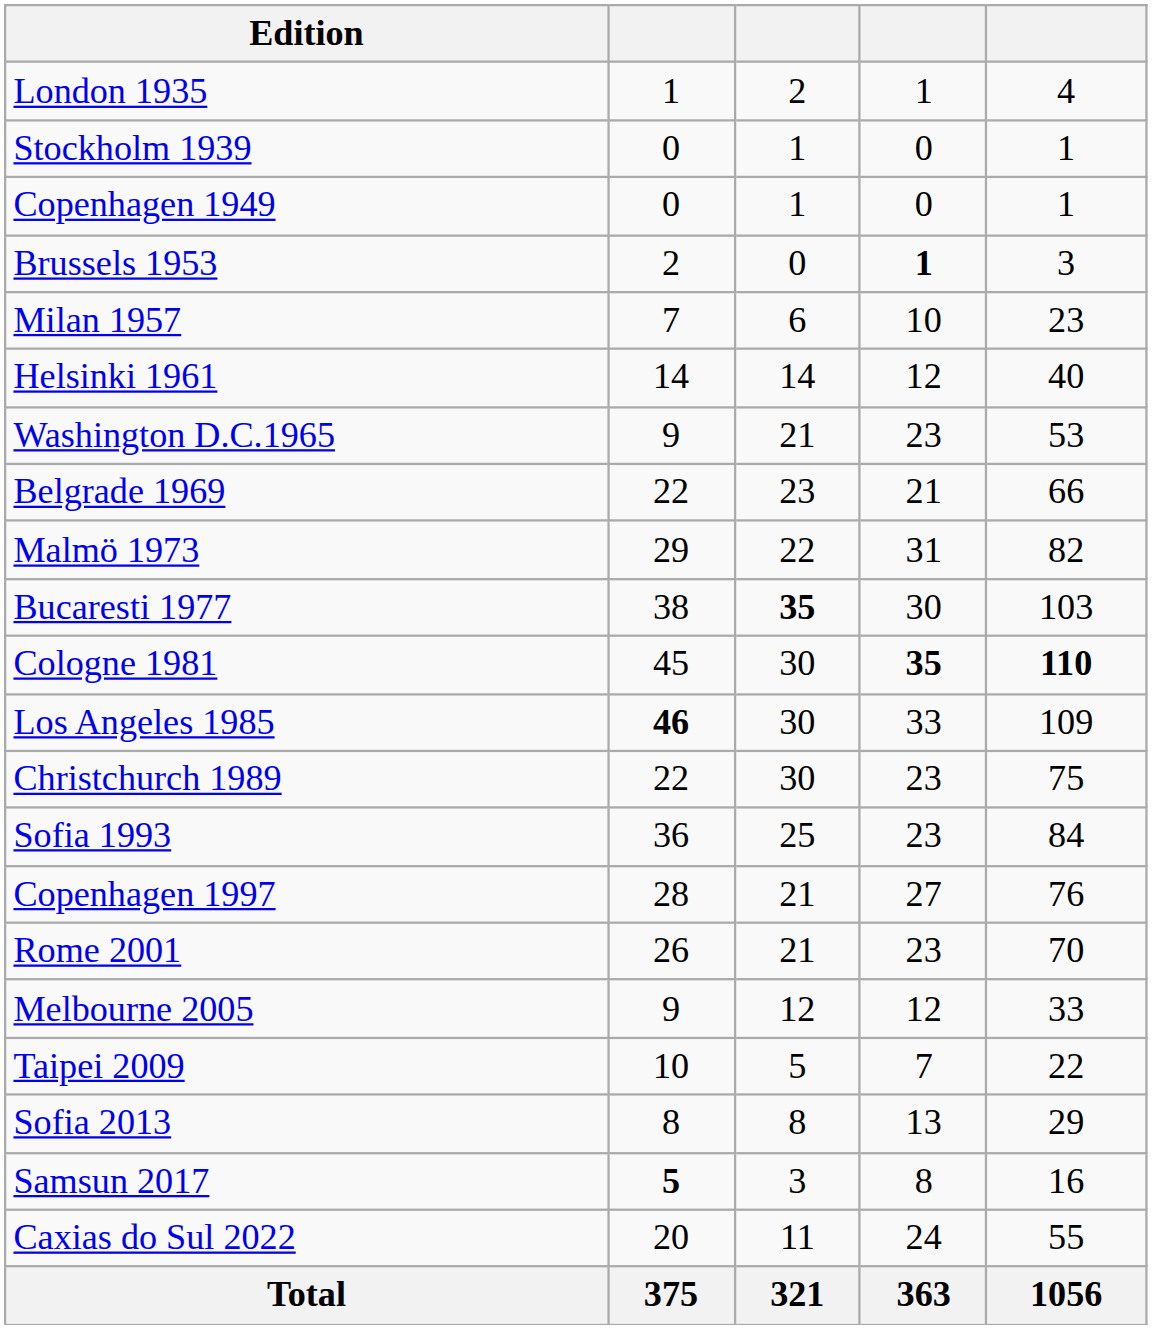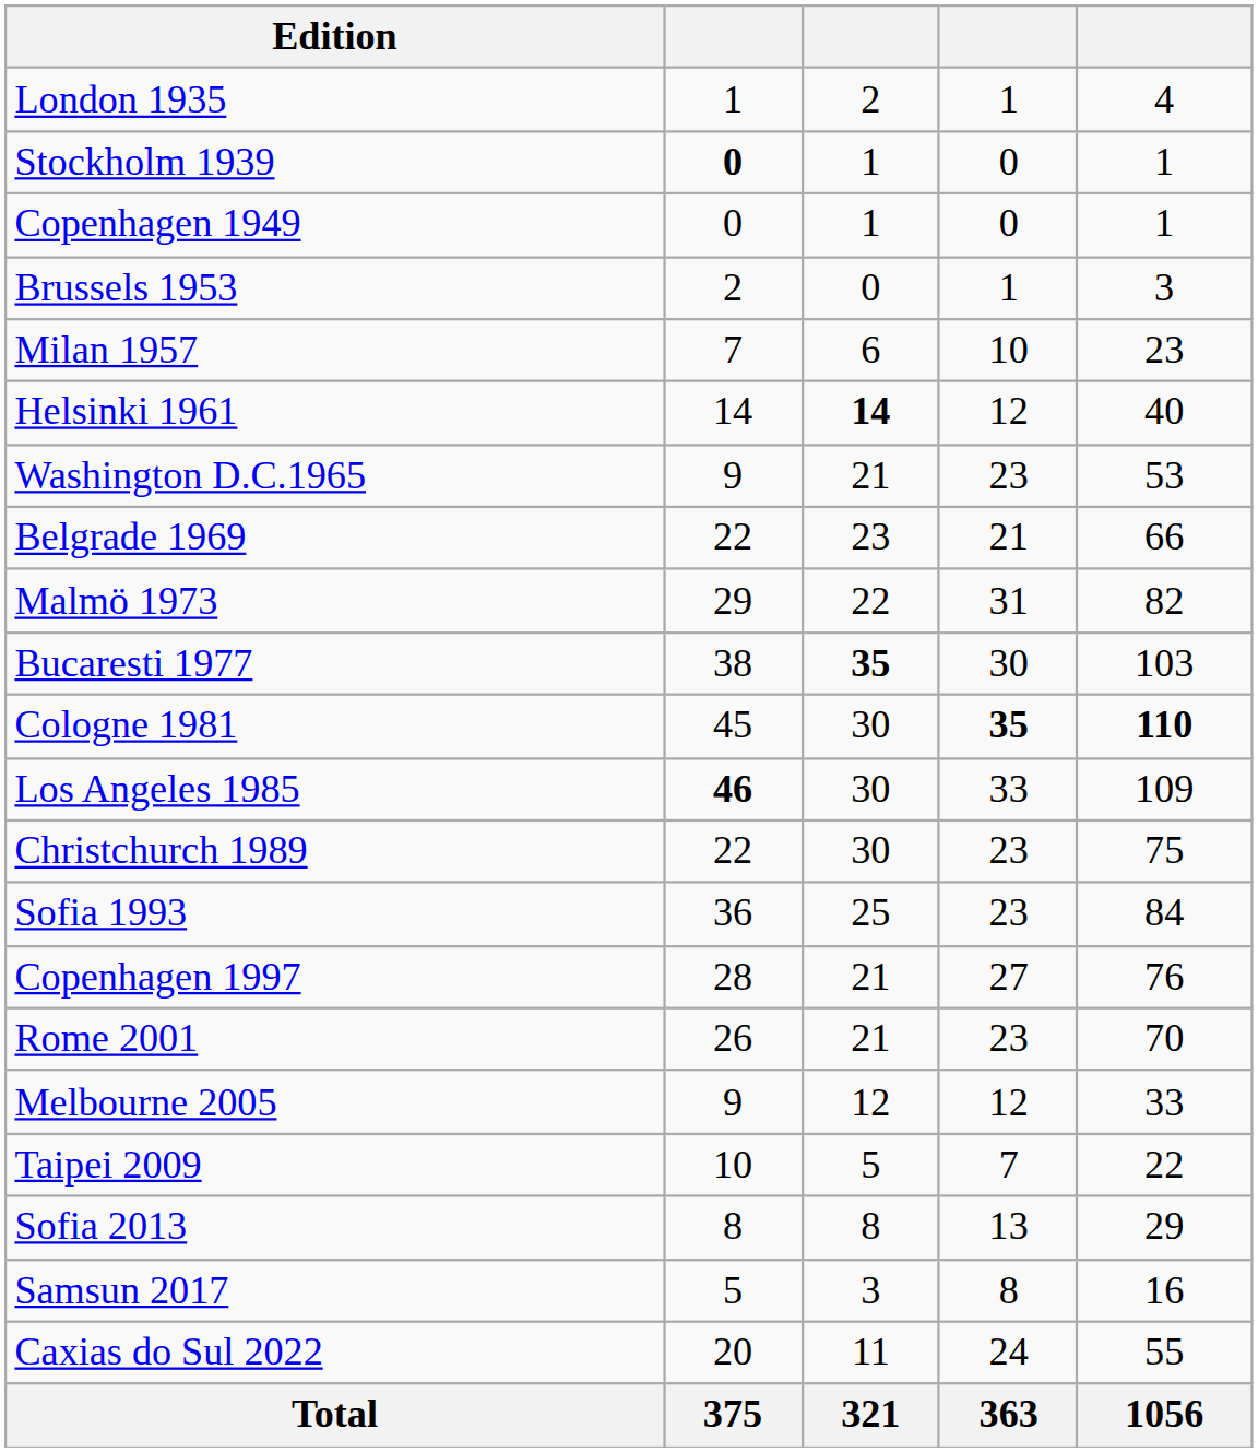 <table class="wikitable" width=40% style="font-size:100%; text-align:center;">
 <tr>
 <th>Edition</th>
 <th></th>
 <th></th>
 <th></th>
 <th></th>
 </tr>
 <tr>
 <td align=left> <a href='#'>London 1935</a></td>
 <td>1</td>
 <td>2</td>
 <td>1</td>
 <td>4</td>
 </tr>
 <tr>
 <td align=left> <a href='#'>Stockholm 1939</a></td>
-<td>0</td>
+<td><strong>0</strong></td>
 <td>1</td>
 <td>0</td>
 <td>1</td>
 </tr>
 <tr>
 <td align=left> <a href='#'>Copenhagen 1949</a></td>
 <td>0</td>
 <td>1</td>
 <td>0</td>
 <td>1</td>
 </tr>
 <tr>
 <td align=left> <a href='#'>Brussels 1953</a></td>
 <td>2</td>
 <td>0</td>
-<td><strong>1</strong></td>
+<td>1</td>
 <td>3</td>
 </tr>
 <tr>
 <td align=left> <a href='#'>Milan 1957</a></td>
 <td>7</td>
 <td>6</td>
 <td>10</td>
 <td>23</td>
 </tr>
 <tr>
 <td align=left> <a href='#'>Helsinki 1961</a></td>
 <td>14</td>
-<td>14</td>
+<td><strong>14</strong></td>
 <td>12</td>
 <td>40</td>
 </tr>
 <tr -bgcolor=#E9D66B>
 <td align=left> <a href='#'>Washington D.C.1965</a></td>
 <td>9</td>
 <td>21</td>
 <td>23</td>
 <td>53</td>
 </tr>
 <tr>
 <td align=left> <a href='#'>Belgrade 1969</a></td>
 <td>22</td>
 <td>23</td>
 <td>21</td>
 <td>66</td>
 </tr>
 <tr>
 <td align=left> <a href='#'>Malmö 1973</a></td>
 <td>29</td>
 <td>22</td>
 <td>31</td>
 <td>82</td>
 </tr>
 <tr>
 <td align=left> <a href='#'>Bucaresti 1977</a></td>
 <td>38</td>
 <td><strong>35</strong></td>
 <td>30</td>
 <td>103</td>
 </tr>
 <tr>
 <td align=left> <a href='#'>Cologne 1981</a></td>
 <td>45</td>
 <td>30</td>
 <td><strong>35</strong></td>
 <td><strong>110</strong></td>
 </tr>
 <tr -bgcolor=#E9D66B>
 <td align=left> <a href='#'>Los Angeles 1985</a></td>
 <td><strong>46</strong></td>
 <td>30</td>
 <td>33</td>
 <td>109</td>
 </tr>
 <tr>
 <td align=left> <a href='#'>Christchurch 1989</a></td>
 <td>22</td>
 <td>30</td>
 <td>23</td>
 <td>75</td>
 </tr>
 <tr>
 <td align=left> <a href='#'>Sofia 1993</a></td>
 <td>36</td>
 <td>25</td>
 <td>23</td>
 <td>84</td>
 </tr>
 <tr>
 <td align=left> <a href='#'>Copenhagen 1997</a></td>
 <td>28</td>
 <td>21</td>
 <td>27</td>
 <td>76</td>
 </tr>
 <tr>
 <td align=left> <a href='#'>Rome 2001</a></td>
 <td>26</td>
 <td>21</td>
 <td>23</td>
 <td>70</td>
 </tr>
 <tr>
 <td align=left> <a href='#'>Melbourne 2005</a></td>
 <td>9</td>
 <td>12</td>
 <td>12</td>
 <td>33</td>
 </tr>
 <tr>
 <td align=left> <a href='#'>Taipei 2009</a></td>
 <td>10</td>
 <td>5</td>
 <td>7</td>
 <td>22</td>
 </tr>
 <tr>
 <td align=left> <a href='#'>Sofia 2013</a></td>
 <td>8</td>
 <td>8</td>
 <td>13</td>
 <td>29</td>
 </tr>
 <tr>
 <td align=left> <a href='#'>Samsun 2017</a></td>
-<td><strong>5</strong></td>
+<td>5</td>
 <td>3</td>
 <td>8</td>
 <td>16</td>
 </tr>
 <tr>
 <td align=left> <a href='#'>Caxias do Sul 2022</a></td>
 <td>20</td>
 <td>11</td>
 <td>24</td>
 <td>55</td>
 </tr>
 <tr>
 <th align-right>Total</th>
 <th>375</th>
 <th>321</th>
 <th>363</th>
 <th>1056</th>
 </tr>
 </table>
